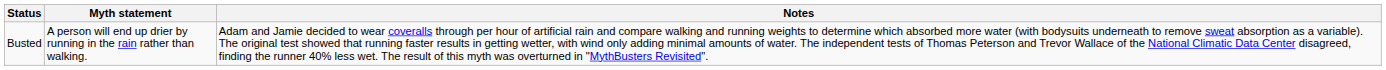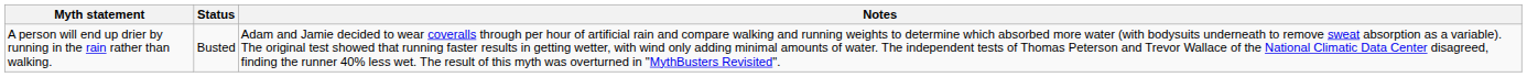 <table class="wikitable">
 <tr>
+<th>Myth statement</th>
 <th>Status</th>
-<th>Myth statement</th>
 <th>Notes</th>
 </tr>
 <tr>
+<td>A person will end up drier by running in the <a href='#'>rain</a> rather than walking.</td>
 <td><span>Busted</span></td>
-<td>A person will end up drier by running in the <a href='#'>rain</a> rather than walking.</td>
 <td>Adam and Jamie decided to wear <a href='#'>coveralls</a> through  per hour of artificial rain and compare walking and running weights to determine which absorbed more water (with bodysuits underneath to remove <a href='#'>sweat</a> absorption as a variable). The original test showed that running faster results in getting wetter, with wind only adding minimal amounts of water. The independent tests of Thomas Peterson and Trevor Wallace of the <a href='#'>National Climatic Data Center</a> disagreed, finding the runner 40% less wet. The result of this myth was overturned in "<a href='#'>MythBusters Revisited</a>".</td>
 </tr>
 </table>
